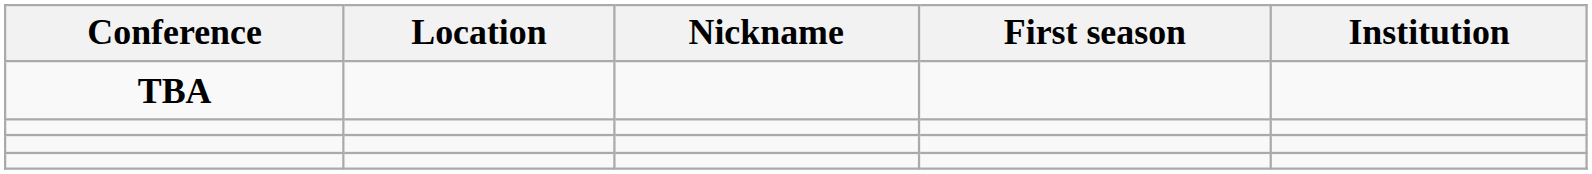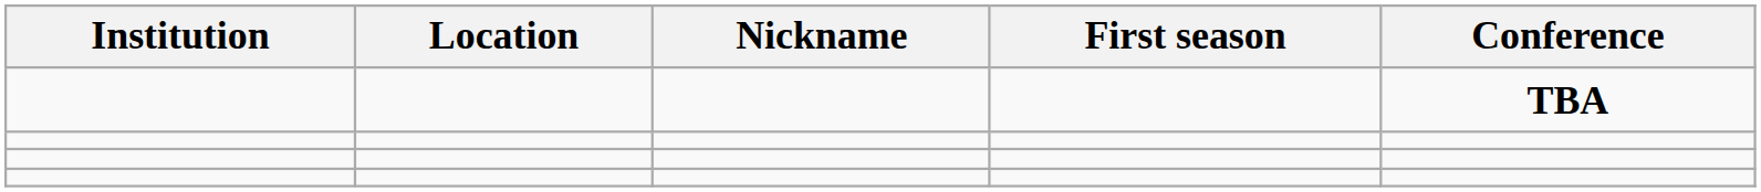 <table class="sortable wikitable" width =80%>
 <tr>
-<th>Conference</th>
+<th>Institution</th>
 <th>Location</th>
 <th>Nickname</th>
 <th>First season</th>
-<th>Institution</th>
+<th>Conference</th>
 </tr>
 <tr align="center">
-<td><strong>TBA</strong></td>
 <td><strong><a href='#'></a></strong></td>
 <td><strong><a href='#'></a></strong></td>
 <td><strong><a href='#'></a></strong></td>
 <td><strong><a href='#'></a></strong></td>
+<td><strong>TBA</strong></td>
 </tr>
 <tr align="center">
 <td><strong><a href='#'></a></strong></td>
 <td><strong><a href='#'></a></strong></td>
 <td><strong><a href='#'></a></strong></td>
 <td><strong></strong></td>
 <td><strong><a href='#'></a></strong></td>
 </tr>
 <tr align="center">
 <td><strong><a href='#'></a></strong></td>
 <td><strong><a href='#'></a></strong></td>
 <td><strong><a href='#'></a></strong></td>
 <td><strong><a href='#'></a></strong></td>
 <td><strong><a href='#'></a></strong></td>
 </tr>
 <tr align="center">
 <td><strong><a href='#'></a></strong></td>
 <td><strong><a href='#'></a></strong></td>
 <td><strong><a href='#'></a></strong></td>
 <td><strong></strong></td>
 <td><strong><a href='#'></a></strong></td>
 </tr>
 </table>
